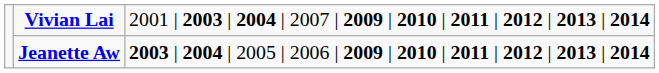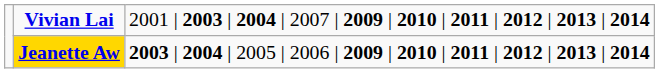 <table class="wikitable" style="text-align:center">
 <tr>
 <td rowspan=2><div></div></td>
 <td><strong><a href='#'>Vivian Lai</a></strong></td>
 <td>2001 | <strong>2003</strong> | <strong>2004</strong> | 2007 | <strong>2009</strong> | <strong>2010</strong> | <strong>2011</strong> | <strong>2012</strong> | <strong>2013</strong> | <strong>2014</strong></td>
 </tr>
 <tr>
-<td><strong><a href='#'>Jeanette Aw</a></strong></td>
+<td style="background: gold;"><strong><a href='#'>Jeanette Aw</a></strong></td>
 <td><strong>2003</strong> | <strong>2004</strong> | 2005 | 2006 | <strong>2009</strong> | <strong>2010</strong> | <strong>2011</strong> | <strong>2012</strong> | <strong>2013</strong> | <strong>2014</strong></td>
 </tr>
 </table>
